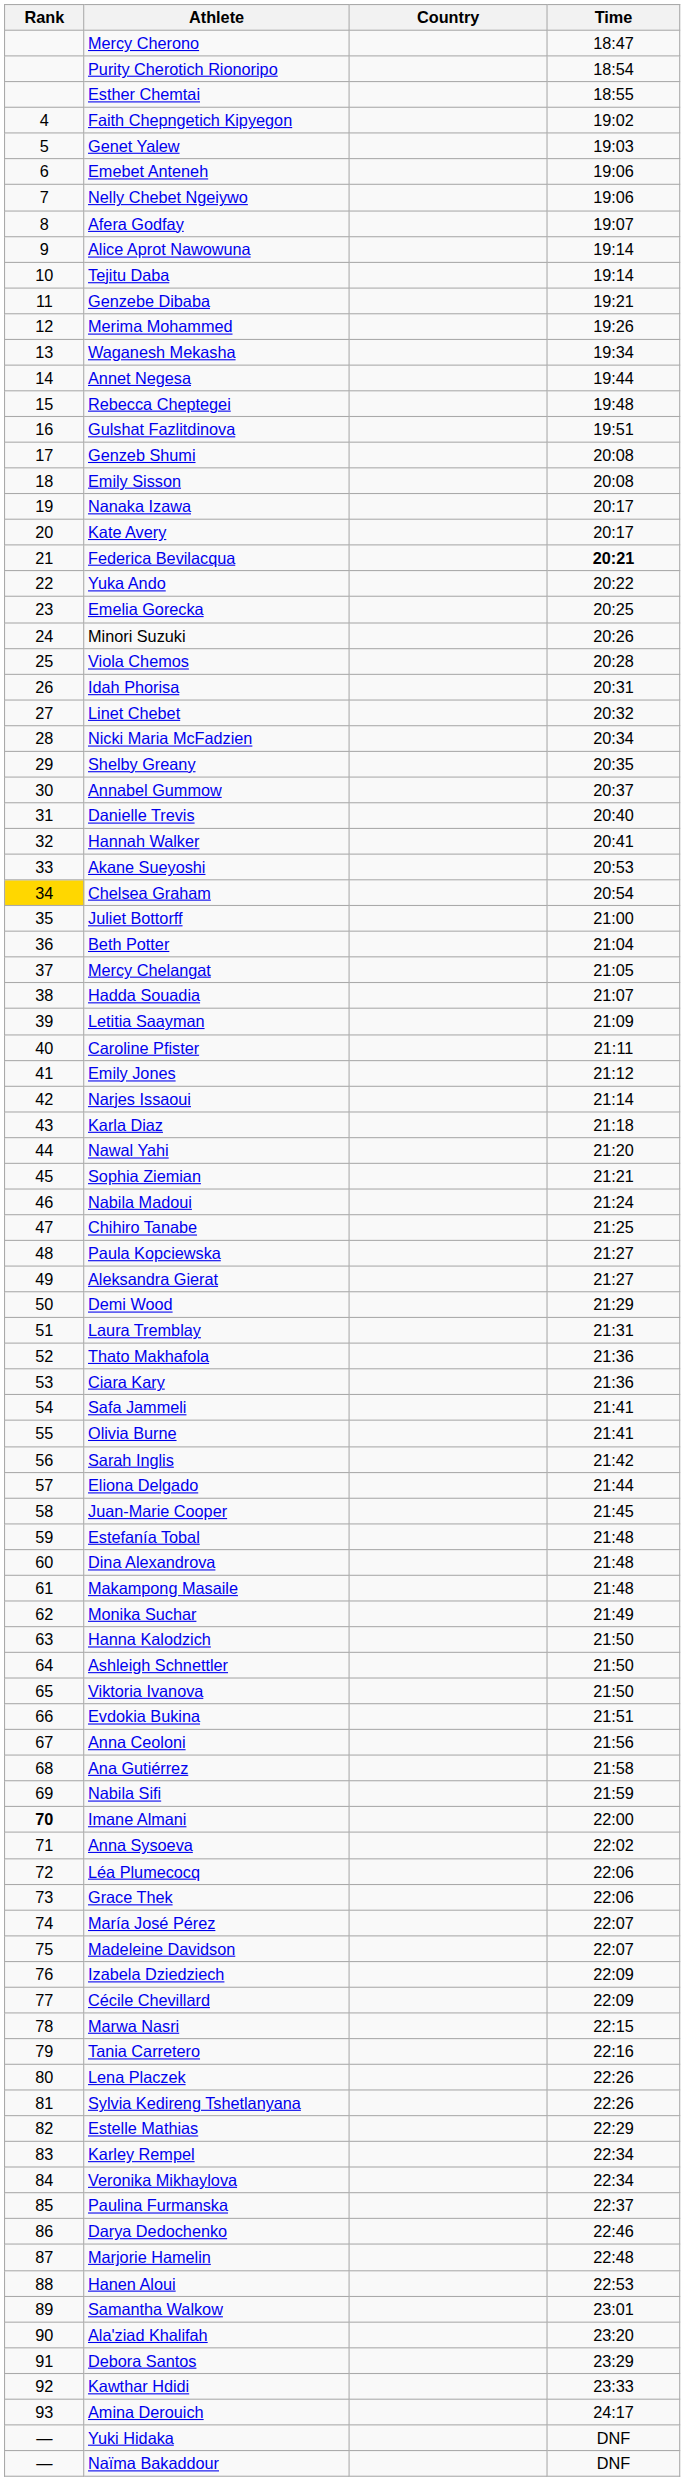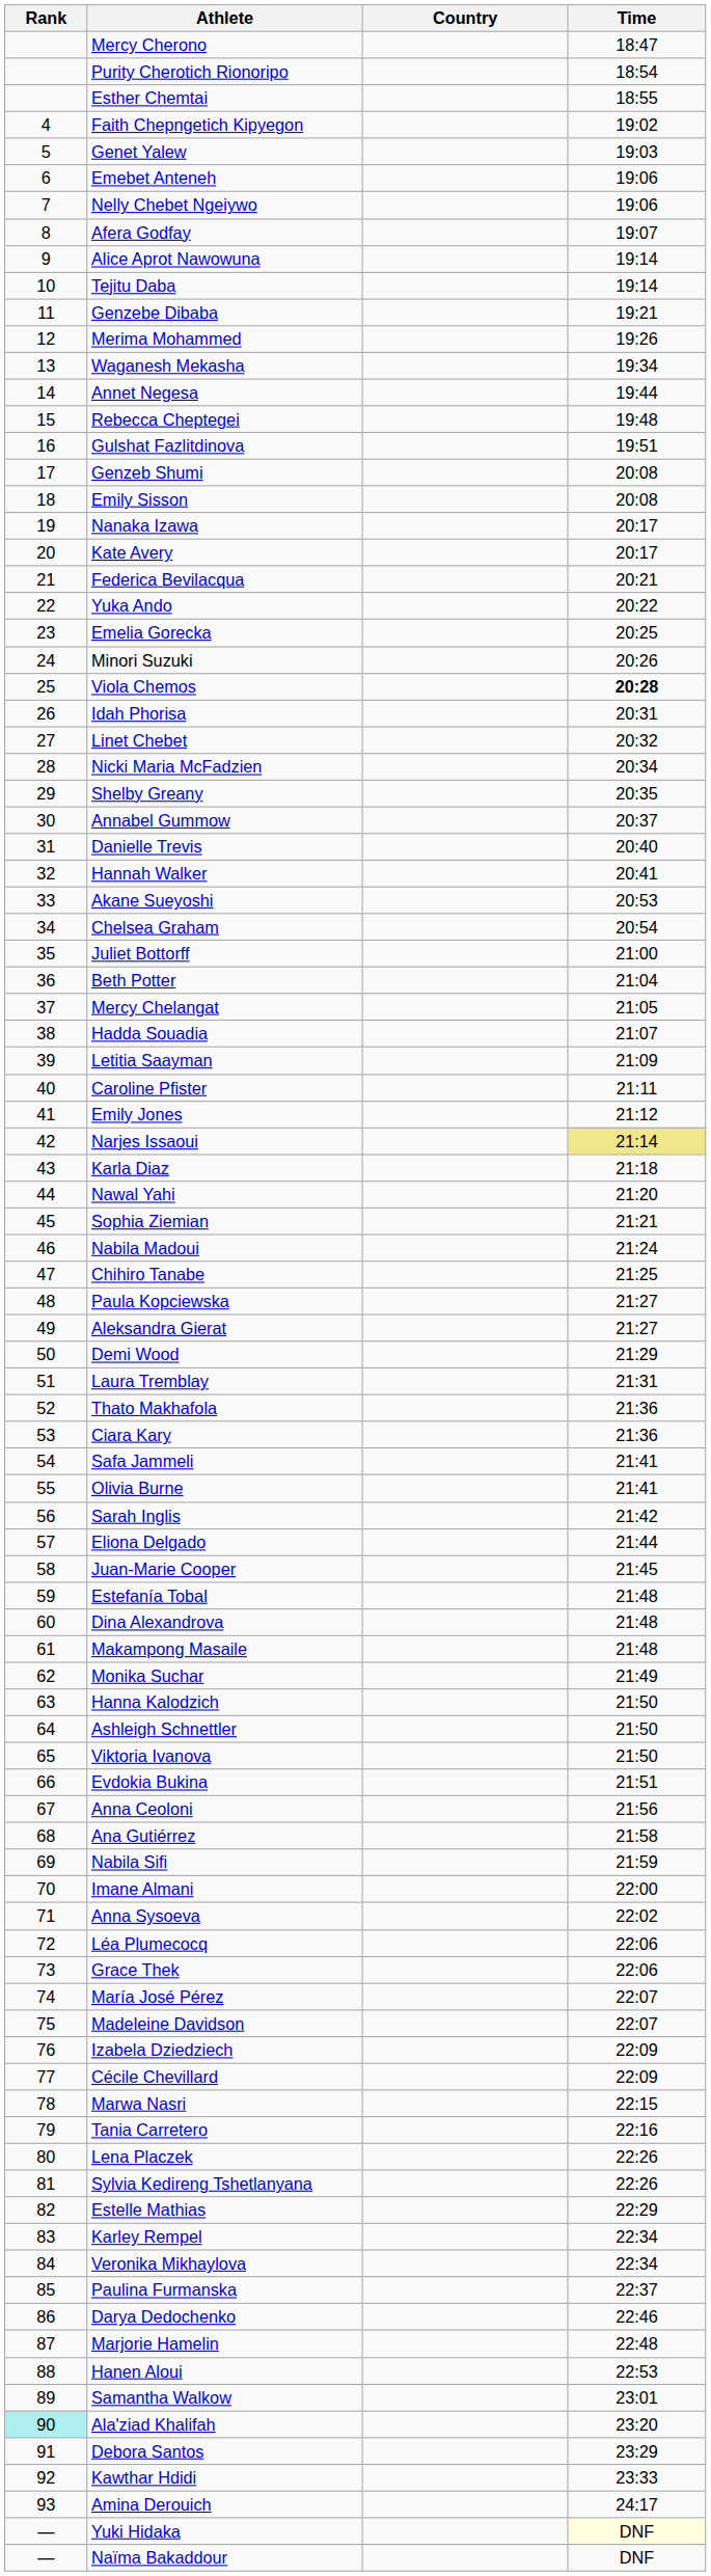 <table class="wikitable sortable" style=" text-align:center; font-size:95%;" width="50%">
 <tr>
 <th width=5%>Rank</th>
 <th width=20%>Athlete</th>
 <th width=15%>Country</th>
 <th width=10%>Time</th>
 </tr>
 <tr>
 <td align=center></td>
 <td align=left><a href='#'>Mercy Cherono</a></td>
 <td align=left></td>
 <td>18:47</td>
 </tr>
 <tr>
 <td align=center></td>
 <td align=left><a href='#'>Purity Cherotich Rionoripo</a></td>
 <td align=left></td>
 <td>18:54</td>
 </tr>
 <tr>
 <td align=center></td>
 <td align=left><a href='#'>Esther Chemtai</a></td>
 <td align=left></td>
 <td>18:55</td>
 </tr>
 <tr>
 <td align=center>4</td>
 <td align=left><a href='#'>Faith Chepngetich Kipyegon</a></td>
 <td align=left></td>
 <td>19:02</td>
 </tr>
 <tr>
 <td align=center>5</td>
 <td align=left><a href='#'>Genet Yalew</a></td>
 <td align=left></td>
 <td>19:03</td>
 </tr>
 <tr>
 <td align=center>6</td>
 <td align=left><a href='#'>Emebet Anteneh</a></td>
 <td align=left></td>
 <td>19:06</td>
 </tr>
 <tr>
 <td align=center>7</td>
 <td align=left><a href='#'>Nelly Chebet Ngeiywo</a></td>
 <td align=left></td>
 <td>19:06</td>
 </tr>
 <tr>
 <td align=center>8</td>
 <td align=left><a href='#'>Afera Godfay</a></td>
 <td align=left></td>
 <td>19:07</td>
 </tr>
 <tr>
 <td align=center>9</td>
 <td align=left><a href='#'>Alice Aprot Nawowuna</a></td>
 <td align=left></td>
 <td>19:14</td>
 </tr>
 <tr>
 <td align=center>10</td>
 <td align=left><a href='#'>Tejitu Daba</a></td>
 <td align=left></td>
 <td>19:14</td>
 </tr>
 <tr>
 <td align=center>11</td>
 <td align=left><a href='#'>Genzebe Dibaba</a></td>
 <td align=left></td>
 <td>19:21</td>
 </tr>
 <tr>
 <td align=center>12</td>
 <td align=left><a href='#'>Merima Mohammed</a></td>
 <td align=left></td>
 <td>19:26</td>
 </tr>
 <tr>
 <td align=center>13</td>
 <td align=left><a href='#'>Waganesh Mekasha</a></td>
 <td align=left></td>
 <td>19:34</td>
 </tr>
 <tr>
 <td align=center>14</td>
 <td align=left><a href='#'>Annet Negesa</a></td>
 <td align=left></td>
 <td>19:44</td>
 </tr>
 <tr>
 <td align=center>15</td>
 <td align=left><a href='#'>Rebecca Cheptegei</a></td>
 <td align=left></td>
 <td>19:48</td>
 </tr>
 <tr>
 <td align=center>16</td>
 <td align=left><a href='#'>Gulshat Fazlitdinova</a></td>
 <td align=left></td>
 <td>19:51</td>
 </tr>
 <tr>
 <td align=center>17</td>
 <td align=left><a href='#'>Genzeb Shumi</a></td>
 <td align=left></td>
 <td>20:08</td>
 </tr>
 <tr>
 <td align=center>18</td>
 <td align=left><a href='#'>Emily Sisson</a></td>
 <td align=left></td>
 <td>20:08</td>
 </tr>
 <tr>
 <td align=center>19</td>
 <td align=left><a href='#'>Nanaka Izawa</a></td>
 <td align=left></td>
 <td>20:17</td>
 </tr>
 <tr>
 <td align=center>20</td>
 <td align=left><a href='#'>Kate Avery</a></td>
 <td align=left></td>
 <td>20:17</td>
 </tr>
 <tr>
 <td align=center>21</td>
 <td align=left><a href='#'>Federica Bevilacqua</a></td>
 <td align=left></td>
-<td><strong>20:21</strong></td>
+<td>20:21</td>
 </tr>
 <tr>
 <td align=center>22</td>
 <td align=left><a href='#'>Yuka Ando</a></td>
 <td align=left></td>
 <td>20:22</td>
 </tr>
 <tr>
 <td align=center>23</td>
 <td align=left><a href='#'>Emelia Gorecka</a></td>
 <td align=left></td>
 <td>20:25</td>
 </tr>
 <tr>
 <td align=center>24</td>
 <td align=left>Minori Suzuki</td>
 <td align=left></td>
 <td>20:26</td>
 </tr>
 <tr>
 <td align=center>25</td>
 <td align=left><a href='#'>Viola Chemos</a></td>
 <td align=left></td>
-<td>20:28</td>
+<td><strong>20:28</strong></td>
 </tr>
 <tr>
 <td align=center>26</td>
 <td align=left><a href='#'>Idah Phorisa</a></td>
 <td align=left></td>
 <td>20:31</td>
 </tr>
 <tr>
 <td align=center>27</td>
 <td align=left><a href='#'>Linet Chebet</a></td>
 <td align=left></td>
 <td>20:32</td>
 </tr>
 <tr>
 <td align=center>28</td>
 <td align=left><a href='#'>Nicki Maria McFadzien</a></td>
 <td align=left></td>
 <td>20:34</td>
 </tr>
 <tr>
 <td align=center>29</td>
 <td align=left><a href='#'>Shelby Greany</a></td>
 <td align=left></td>
 <td>20:35</td>
 </tr>
 <tr>
 <td align=center>30</td>
 <td align=left><a href='#'>Annabel Gummow</a></td>
 <td align=left></td>
 <td>20:37</td>
 </tr>
 <tr>
 <td align=center>31</td>
 <td align=left><a href='#'>Danielle Trevis</a></td>
 <td align=left></td>
 <td>20:40</td>
 </tr>
 <tr>
 <td align=center>32</td>
 <td align=left><a href='#'>Hannah Walker</a></td>
 <td align=left></td>
 <td>20:41</td>
 </tr>
 <tr>
 <td align=center>33</td>
 <td align=left><a href='#'>Akane Sueyoshi</a></td>
 <td align=left></td>
 <td>20:53</td>
 </tr>
 <tr>
-<td align=center style="background: gold;">34</td>
+<td align=center>34</td>
 <td align=left><a href='#'>Chelsea Graham</a></td>
 <td align=left></td>
 <td>20:54</td>
 </tr>
 <tr>
 <td align=center>35</td>
 <td align=left><a href='#'>Juliet Bottorff</a></td>
 <td align=left></td>
 <td>21:00</td>
 </tr>
 <tr>
 <td align=center>36</td>
 <td align=left><a href='#'>Beth Potter</a></td>
 <td align=left></td>
 <td>21:04</td>
 </tr>
 <tr>
 <td align=center>37</td>
 <td align=left><a href='#'>Mercy Chelangat</a></td>
 <td align=left></td>
 <td>21:05</td>
 </tr>
 <tr>
 <td align=center>38</td>
 <td align=left><a href='#'>Hadda Souadia</a></td>
 <td align=left></td>
 <td>21:07</td>
 </tr>
 <tr>
 <td align=center>39</td>
 <td align=left><a href='#'>Letitia Saayman</a></td>
 <td align=left></td>
 <td>21:09</td>
 </tr>
 <tr>
 <td align=center>40</td>
 <td align=left><a href='#'>Caroline Pfister</a></td>
 <td align=left></td>
 <td>21:11</td>
 </tr>
 <tr>
 <td align=center>41</td>
 <td align=left><a href='#'>Emily Jones</a></td>
 <td align=left></td>
 <td>21:12</td>
 </tr>
 <tr>
 <td align=center>42</td>
 <td align=left><a href='#'>Narjes Issaoui</a></td>
 <td align=left></td>
-<td>21:14</td>
+<td style="background: khaki;">21:14</td>
 </tr>
 <tr>
 <td align=center>43</td>
 <td align=left><a href='#'>Karla Diaz</a></td>
 <td align=left></td>
 <td>21:18</td>
 </tr>
 <tr>
 <td align=center>44</td>
 <td align=left><a href='#'>Nawal Yahi</a></td>
 <td align=left></td>
 <td>21:20</td>
 </tr>
 <tr>
 <td align=center>45</td>
 <td align=left><a href='#'>Sophia Ziemian</a></td>
 <td align=left></td>
 <td>21:21</td>
 </tr>
 <tr>
 <td align=center>46</td>
 <td align=left><a href='#'>Nabila Madoui</a></td>
 <td align=left></td>
 <td>21:24</td>
 </tr>
 <tr>
 <td align=center>47</td>
 <td align=left><a href='#'>Chihiro Tanabe</a></td>
 <td align=left></td>
 <td>21:25</td>
 </tr>
 <tr>
 <td align=center>48</td>
 <td align=left><a href='#'>Paula Kopciewska</a></td>
 <td align=left></td>
 <td>21:27</td>
 </tr>
 <tr>
 <td align=center>49</td>
 <td align=left><a href='#'>Aleksandra Gierat</a></td>
 <td align=left></td>
 <td>21:27</td>
 </tr>
 <tr>
 <td align=center>50</td>
 <td align=left><a href='#'>Demi Wood</a></td>
 <td align=left></td>
 <td>21:29</td>
 </tr>
 <tr>
 <td align=center>51</td>
 <td align=left><a href='#'>Laura Tremblay</a></td>
 <td align=left></td>
 <td>21:31</td>
 </tr>
 <tr>
 <td align=center>52</td>
 <td align=left><a href='#'>Thato Makhafola</a></td>
 <td align=left></td>
 <td>21:36</td>
 </tr>
 <tr>
 <td align=center>53</td>
 <td align=left><a href='#'>Ciara Kary</a></td>
 <td align=left></td>
 <td>21:36</td>
 </tr>
 <tr>
 <td align=center>54</td>
 <td align=left><a href='#'>Safa Jammeli</a></td>
 <td align=left></td>
 <td>21:41</td>
 </tr>
 <tr>
 <td align=center>55</td>
 <td align=left><a href='#'>Olivia Burne</a></td>
 <td align=left></td>
 <td>21:41</td>
 </tr>
 <tr>
 <td align=center>56</td>
 <td align=left><a href='#'>Sarah Inglis</a></td>
 <td align=left></td>
 <td>21:42</td>
 </tr>
 <tr>
 <td align=center>57</td>
 <td align=left><a href='#'>Eliona Delgado</a></td>
 <td align=left></td>
 <td>21:44</td>
 </tr>
 <tr>
 <td align=center>58</td>
 <td align=left><a href='#'>Juan-Marie Cooper</a></td>
 <td align=left></td>
 <td>21:45</td>
 </tr>
 <tr>
 <td align=center>59</td>
 <td align=left><a href='#'>Estefanía Tobal</a></td>
 <td align=left></td>
 <td>21:48</td>
 </tr>
 <tr>
 <td align=center>60</td>
 <td align=left><a href='#'>Dina Alexandrova</a></td>
 <td align=left></td>
 <td>21:48</td>
 </tr>
 <tr>
 <td align=center>61</td>
 <td align=left><a href='#'>Makampong Masaile</a></td>
 <td align=left></td>
 <td>21:48</td>
 </tr>
 <tr>
 <td align=center>62</td>
 <td align=left><a href='#'>Monika Suchar</a></td>
 <td align=left></td>
 <td>21:49</td>
 </tr>
 <tr>
 <td align=center>63</td>
 <td align=left><a href='#'>Hanna Kalodzich</a></td>
 <td align=left></td>
 <td>21:50</td>
 </tr>
 <tr>
 <td align=center>64</td>
 <td align=left><a href='#'>Ashleigh Schnettler</a></td>
 <td align=left></td>
 <td>21:50</td>
 </tr>
 <tr>
 <td align=center>65</td>
 <td align=left><a href='#'>Viktoria Ivanova</a></td>
 <td align=left></td>
 <td>21:50</td>
 </tr>
 <tr>
 <td align=center>66</td>
 <td align=left><a href='#'>Evdokia Bukina</a></td>
 <td align=left></td>
 <td>21:51</td>
 </tr>
 <tr>
 <td align=center>67</td>
 <td align=left><a href='#'>Anna Ceoloni</a></td>
 <td align=left></td>
 <td>21:56</td>
 </tr>
 <tr>
 <td align=center>68</td>
 <td align=left><a href='#'>Ana Gutiérrez</a></td>
 <td align=left></td>
 <td>21:58</td>
 </tr>
 <tr>
 <td align=center>69</td>
 <td align=left><a href='#'>Nabila Sifi</a></td>
 <td align=left></td>
 <td>21:59</td>
 </tr>
 <tr>
-<td align=center><strong>70</strong></td>
+<td align=center>70</td>
 <td align=left><a href='#'>Imane Almani</a></td>
 <td align=left></td>
 <td>22:00</td>
 </tr>
 <tr>
 <td align=center>71</td>
 <td align=left><a href='#'>Anna Sysoeva</a></td>
 <td align=left></td>
 <td>22:02</td>
 </tr>
 <tr>
 <td align=center>72</td>
 <td align=left><a href='#'>Léa Plumecocq</a></td>
 <td align=left></td>
 <td>22:06</td>
 </tr>
 <tr>
 <td align=center>73</td>
 <td align=left><a href='#'>Grace Thek</a></td>
 <td align=left></td>
 <td>22:06</td>
 </tr>
 <tr>
 <td align=center>74</td>
 <td align=left><a href='#'>María José Pérez</a></td>
 <td align=left></td>
 <td>22:07</td>
 </tr>
 <tr>
 <td align=center>75</td>
 <td align=left><a href='#'>Madeleine Davidson</a></td>
 <td align=left></td>
 <td>22:07</td>
 </tr>
 <tr>
 <td align=center>76</td>
 <td align=left><a href='#'>Izabela Dziedziech</a></td>
 <td align=left></td>
 <td>22:09</td>
 </tr>
 <tr>
 <td align=center>77</td>
 <td align=left><a href='#'>Cécile Chevillard</a></td>
 <td align=left></td>
 <td>22:09</td>
 </tr>
 <tr>
 <td align=center>78</td>
 <td align=left><a href='#'>Marwa Nasri</a></td>
 <td align=left></td>
 <td>22:15</td>
 </tr>
 <tr>
 <td align=center>79</td>
 <td align=left><a href='#'>Tania Carretero</a></td>
 <td align=left></td>
 <td>22:16</td>
 </tr>
 <tr>
 <td align=center>80</td>
 <td align=left><a href='#'>Lena Placzek</a></td>
 <td align=left></td>
 <td>22:26</td>
 </tr>
 <tr>
 <td align=center>81</td>
 <td align=left><a href='#'>Sylvia Kedireng Tshetlanyana</a></td>
 <td align=left></td>
 <td>22:26</td>
 </tr>
 <tr>
 <td align=center>82</td>
 <td align=left><a href='#'>Estelle Mathias</a></td>
 <td align=left></td>
 <td>22:29</td>
 </tr>
 <tr>
 <td align=center>83</td>
 <td align=left><a href='#'>Karley Rempel</a></td>
 <td align=left></td>
 <td>22:34</td>
 </tr>
 <tr>
 <td align=center>84</td>
 <td align=left><a href='#'>Veronika Mikhaylova</a></td>
 <td align=left></td>
 <td>22:34</td>
 </tr>
 <tr>
 <td align=center>85</td>
 <td align=left><a href='#'>Paulina Furmanska</a></td>
 <td align=left></td>
 <td>22:37</td>
 </tr>
 <tr>
 <td align=center>86</td>
 <td align=left><a href='#'>Darya Dedochenko</a></td>
 <td align=left></td>
 <td>22:46</td>
 </tr>
 <tr>
 <td align=center>87</td>
 <td align=left><a href='#'>Marjorie Hamelin</a></td>
 <td align=left></td>
 <td>22:48</td>
 </tr>
 <tr>
 <td align=center>88</td>
 <td align=left><a href='#'>Hanen Aloui</a></td>
 <td align=left></td>
 <td>22:53</td>
 </tr>
 <tr>
 <td align=center>89</td>
 <td align=left><a href='#'>Samantha Walkow</a></td>
 <td align=left></td>
 <td>23:01</td>
 </tr>
 <tr>
-<td align=center>90</td>
+<td align=center style="background: paleturquoise;">90</td>
 <td align=left><a href='#'>Ala'ziad Khalifah</a></td>
 <td align=left></td>
 <td>23:20</td>
 </tr>
 <tr>
 <td align=center>91</td>
 <td align=left><a href='#'>Debora Santos</a></td>
 <td align=left></td>
 <td>23:29</td>
 </tr>
 <tr>
 <td align=center>92</td>
 <td align=left><a href='#'>Kawthar Hdidi</a></td>
 <td align=left></td>
 <td>23:33</td>
 </tr>
 <tr>
 <td align=center>93</td>
 <td align=left><a href='#'>Amina Derouich</a></td>
 <td align=left></td>
 <td>24:17</td>
 </tr>
 <tr>
 <td align=center>—</td>
 <td align=left><a href='#'>Yuki Hidaka</a></td>
 <td align=left></td>
-<td>DNF</td>
+<td style="background: lightyellow;">DNF</td>
 </tr>
 <tr>
 <td align=center>—</td>
 <td align=left><a href='#'>Naïma Bakaddour</a></td>
 <td align=left></td>
 <td>DNF</td>
 </tr>
 </table>
